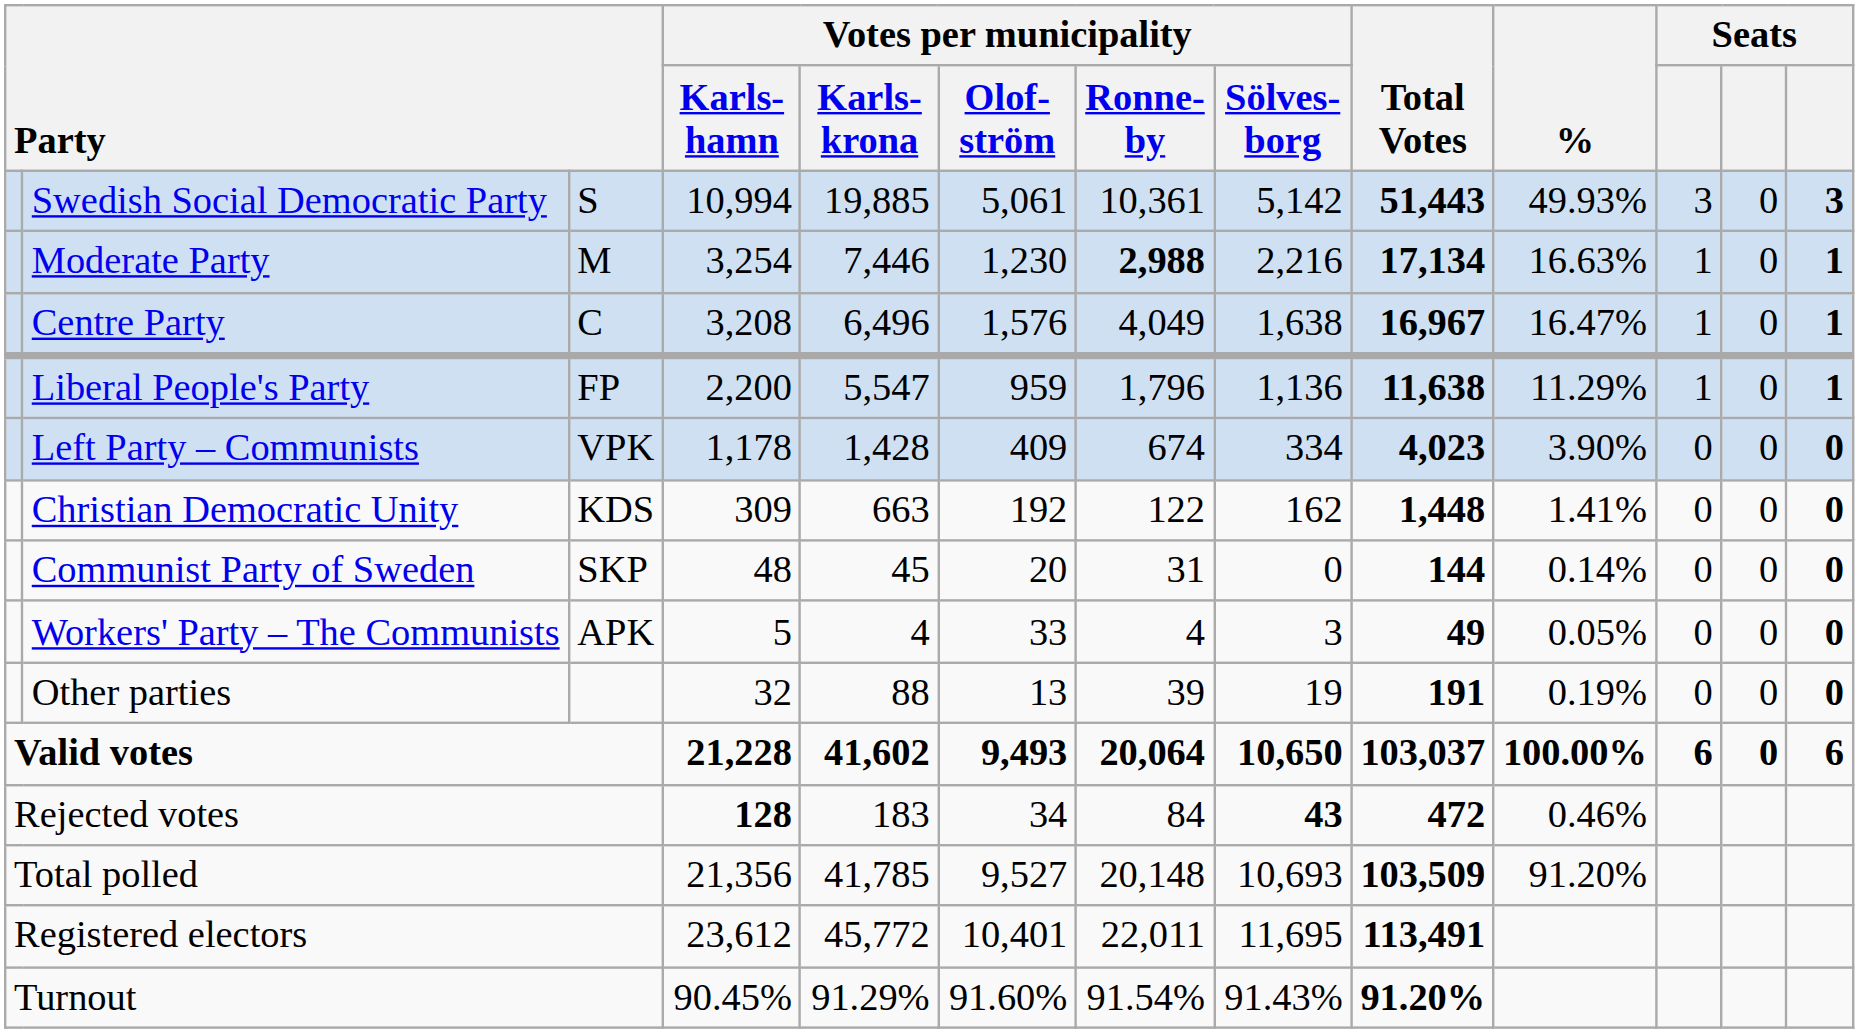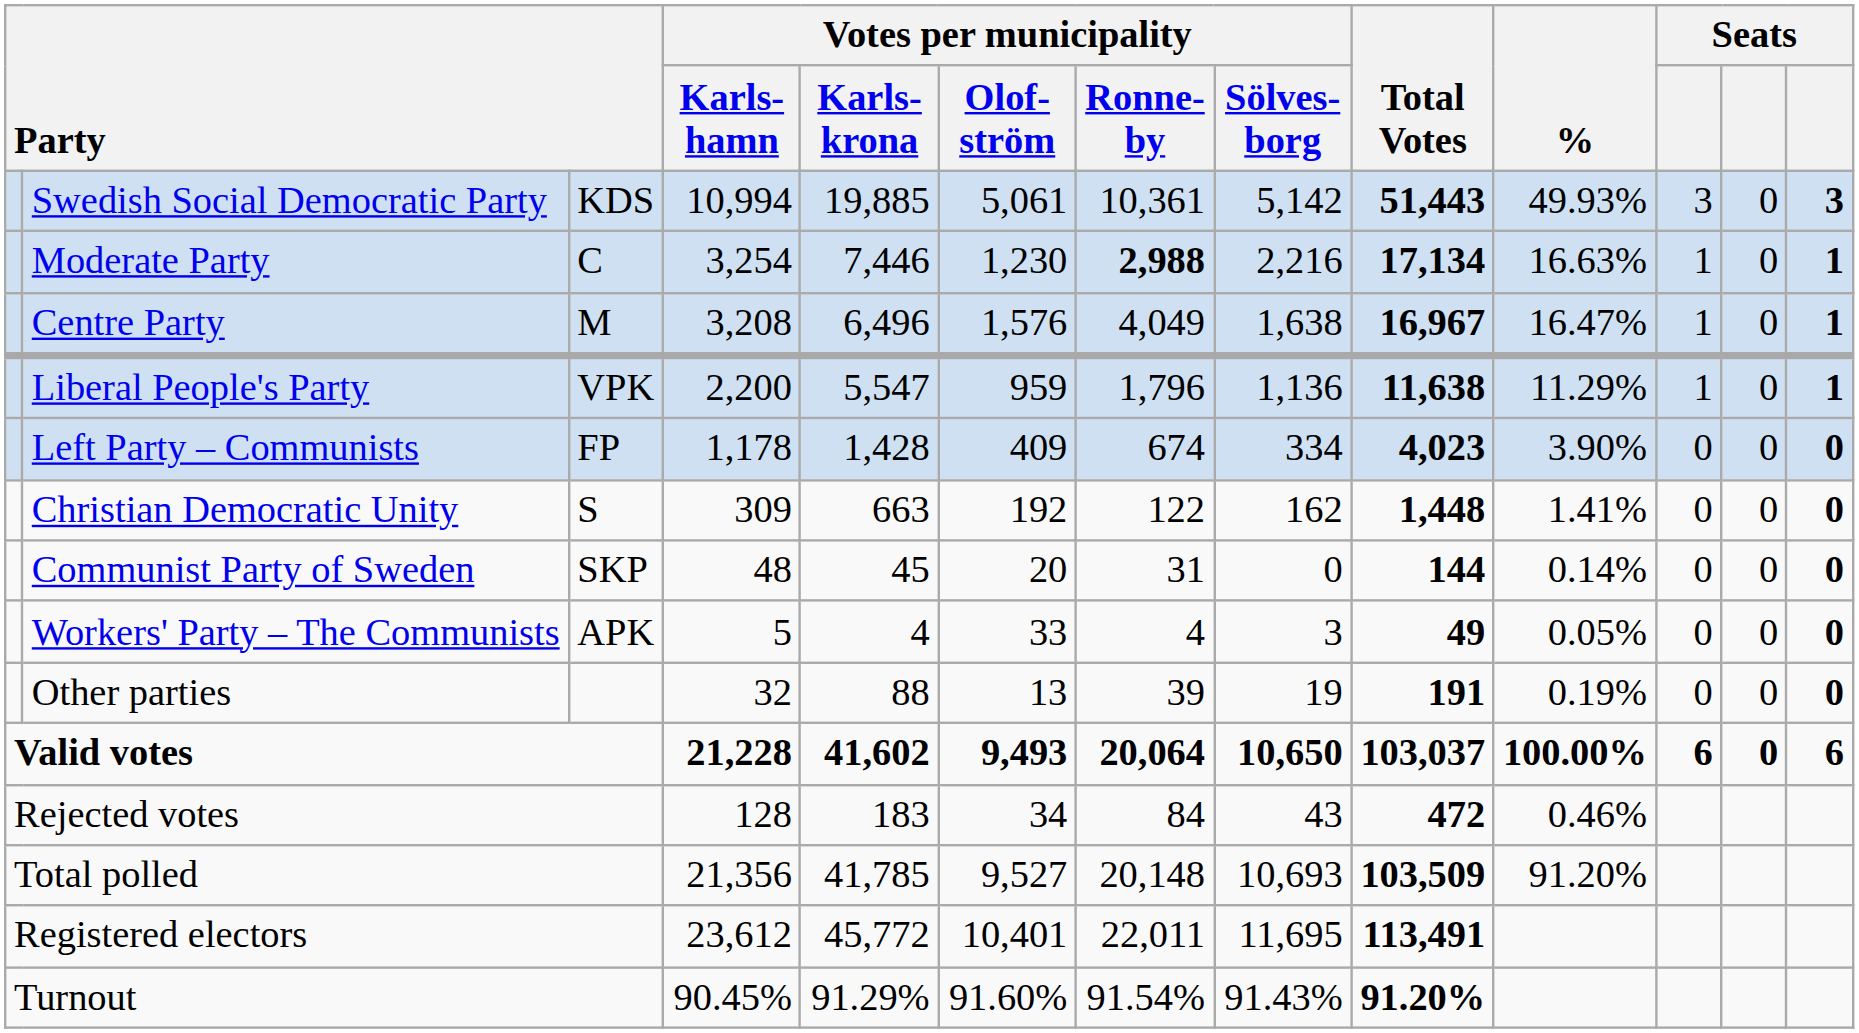 <table class="wikitable" border="1" style="text-align:right;">
 <tr>
 <th style="text-align:left;" valign=bottom rowspan=2 colspan=3>Party</th>
 <th colspan=5>Votes per municipality</th>
 <th align=center valign=bottom rowspan=2 width="50">Total Votes</th>
 <th align=center valign=bottom rowspan=2 width="50">%</th>
 <th colspan=3>Seats</th>
 </tr>
 <tr>
 <th align=center valign=bottom width="50"><a href='#'>Karls- hamn</a></th>
 <th align=center valign=bottom width="50"><a href='#'>Karls- krona</a></th>
 <th align=center valign=bottom width="50"><a href='#'>Olof- ström</a></th>
 <th align=center valign=bottom width="50"><a href='#'>Ronne- by</a></th>
 <th align=center valign=bottom width="50"><a href='#'>Sölves- borg</a></th>
 <th align=center valign=bottom width="20"><small></small></th>
 <th align=center valign=bottom width="20"><small><a href='#'></a></small></th>
 <th align=center valign=bottom width="20"><small></small></th>
 </tr>
 <tr style="background:#CEE0F2;">
 <td></td>
 <td align=left style="white-space: nowrap;"><a href='#'>Swedish Social Democratic Party</a></td>
-<td align=left>S</td>
+<td align=left>KDS</td>
 <td>10,994</td>
 <td>19,885</td>
 <td>5,061</td>
 <td>10,361</td>
 <td>5,142</td>
 <td><strong>51,443</strong></td>
 <td>49.93%</td>
 <td>3</td>
 <td>0</td>
 <td><strong>3</strong></td>
 </tr>
 <tr style="background:#CEE0F2;">
 <td></td>
 <td align=left><a href='#'>Moderate Party</a></td>
-<td align=left>M</td>
+<td align=left>C</td>
 <td>3,254</td>
 <td>7,446</td>
 <td>1,230</td>
 <td><strong>2,988</strong></td>
 <td>2,216</td>
 <td><strong>17,134</strong></td>
 <td>16.63%</td>
 <td>1</td>
 <td>0</td>
 <td><strong>1</strong></td>
 </tr>
 <tr style="background:#CEE0F2;">
 <td></td>
 <td align=left><a href='#'>Centre Party</a></td>
-<td align=left>C</td>
+<td align=left>M</td>
 <td>3,208</td>
 <td>6,496</td>
 <td>1,576</td>
 <td>4,049</td>
 <td>1,638</td>
 <td><strong>16,967</strong></td>
 <td>16.47%</td>
 <td>1</td>
 <td>0</td>
 <td><strong>1</strong></td>
 </tr>
 <tr style="background:#CEE0F2; border-top:3px solid darkgray;">
 <td></td>
 <td align=left><a href='#'>Liberal People's Party</a></td>
-<td align=left>FP</td>
+<td align=left>VPK</td>
 <td>2,200</td>
 <td>5,547</td>
 <td>959</td>
 <td>1,796</td>
 <td>1,136</td>
 <td><strong>11,638</strong></td>
 <td>11.29%</td>
 <td>1</td>
 <td>0</td>
 <td><strong>1</strong></td>
 </tr>
 <tr style="background:#CEE0F2;">
 <td></td>
 <td align=left><a href='#'>Left Party – Communists</a></td>
-<td align=left>VPK</td>
+<td align=left>FP</td>
 <td>1,178</td>
 <td>1,428</td>
 <td>409</td>
 <td>674</td>
 <td>334</td>
 <td><strong>4,023</strong></td>
 <td>3.90%</td>
 <td>0</td>
 <td>0</td>
 <td><strong>0</strong></td>
 </tr>
 <tr>
 <td></td>
 <td align=left><a href='#'>Christian Democratic Unity</a></td>
-<td align=left>KDS</td>
+<td align=left>S</td>
 <td>309</td>
 <td>663</td>
 <td>192</td>
 <td>122</td>
 <td>162</td>
 <td><strong>1,448</strong></td>
 <td>1.41%</td>
 <td>0</td>
 <td>0</td>
 <td><strong>0</strong></td>
 </tr>
 <tr>
 <td></td>
 <td align=left><a href='#'>Communist Party of Sweden</a></td>
 <td align=left>SKP</td>
 <td>48</td>
 <td>45</td>
 <td>20</td>
 <td>31</td>
 <td>0</td>
 <td><strong>144</strong></td>
 <td>0.14%</td>
 <td>0</td>
 <td>0</td>
 <td><strong>0</strong></td>
 </tr>
 <tr>
 <td></td>
 <td align=left><a href='#'>Workers' Party – The Communists</a></td>
 <td align=left>APK</td>
 <td>5</td>
 <td>4</td>
 <td>33</td>
 <td>4</td>
 <td>3</td>
 <td><strong>49</strong></td>
 <td>0.05%</td>
 <td>0</td>
 <td>0</td>
 <td><strong>0</strong></td>
 </tr>
 <tr>
 <td></td>
 <td align=left>Other parties</td>
 <td></td>
 <td>32</td>
 <td>88</td>
 <td>13</td>
 <td>39</td>
 <td>19</td>
 <td><strong>191</strong></td>
 <td>0.19%</td>
 <td>0</td>
 <td>0</td>
 <td><strong>0</strong></td>
 </tr>
 <tr style="font-weight:bold">
 <td align=left colspan=3>Valid votes</td>
 <td>21,228</td>
 <td>41,602</td>
 <td>9,493</td>
 <td>20,064</td>
 <td>10,650</td>
 <td>103,037</td>
 <td>100.00%</td>
 <td>6</td>
 <td>0</td>
 <td>6</td>
 </tr>
 <tr>
 <td align=left colspan=3>Rejected votes</td>
-<td><strong>128</strong></td>
+<td>128</td>
 <td>183</td>
 <td>34</td>
 <td>84</td>
-<td><strong>43</strong></td>
+<td>43</td>
 <td><strong>472</strong></td>
 <td>0.46%</td>
 <td></td>
 <td></td>
 <td></td>
 </tr>
 <tr>
 <td align=left colspan=3>Total polled</td>
 <td>21,356</td>
 <td>41,785</td>
 <td>9,527</td>
 <td>20,148</td>
 <td>10,693</td>
 <td><strong>103,509</strong></td>
 <td>91.20%</td>
 <td></td>
 <td></td>
 <td></td>
 </tr>
 <tr>
 <td align=left colspan=3>Registered electors</td>
 <td>23,612</td>
 <td>45,772</td>
 <td>10,401</td>
 <td>22,011</td>
 <td>11,695</td>
 <td><strong>113,491</strong></td>
 <td></td>
 <td></td>
 <td></td>
 <td></td>
 </tr>
 <tr>
 <td align=left colspan=3>Turnout</td>
 <td>90.45%</td>
 <td>91.29%</td>
 <td>91.60%</td>
 <td>91.54%</td>
 <td>91.43%</td>
 <td><strong>91.20%</strong></td>
 <td></td>
 <td></td>
 <td></td>
 <td></td>
 </tr>
 </table>
